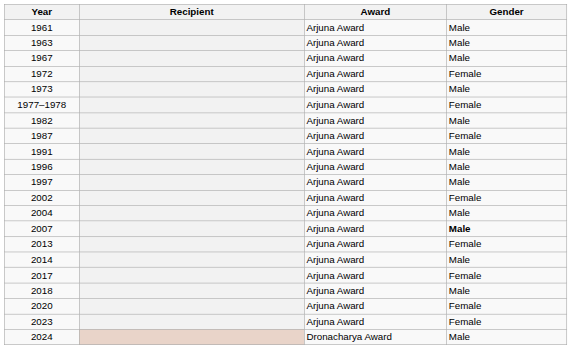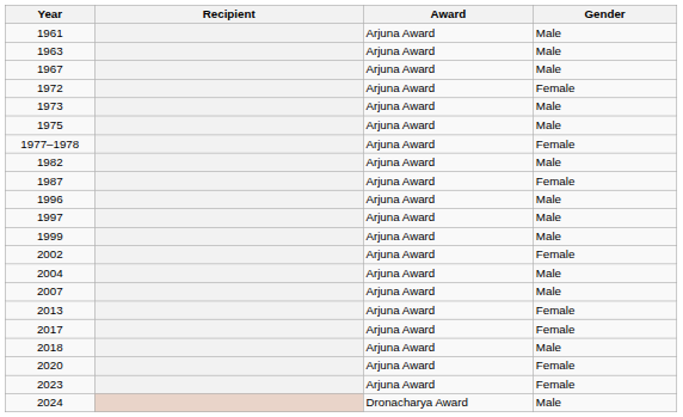 <table class="wikitable plainrowheaders sortable" style="width:73%">
 <tr>
 <th scope="col" style="width:10%">Year</th>
 <th scope="col" style="width:30%">Recipient</th>
 <th scope="col" style="width:19%">Award</th>
 <th scope="col" style="width:16%">Gender</th>
 </tr>
 <tr>
 <td style="text-align:center;">1961</td>
 <th scope="row"></th>
 <td>Arjuna Award</td>
 <td>Male</td>
 </tr>
 <tr>
 <td style="text-align:center;">1963</td>
 <th scope="row"></th>
 <td>Arjuna Award</td>
 <td>Male</td>
 </tr>
 <tr>
 <td style="text-align:center;">1967</td>
 <th scope="row"></th>
 <td>Arjuna Award</td>
 <td>Male</td>
 </tr>
 <tr>
 <td style="text-align:center;">1972</td>
 <th scope="row"></th>
 <td>Arjuna Award</td>
 <td>Female</td>
 </tr>
 <tr>
 <td style="text-align:center;">1973</td>
 <th scope="row"></th>
 <td>Arjuna Award</td>
 <td>Male</td>
 </tr>
 <tr>
+<td style="text-align:center;">1975</td>
+<th scope="row"></th>
+<td>Arjuna Award</td>
+<td>Male</td>
+</tr>
+<tr>
 <td style="text-align:center;">1977–1978</td>
 <th scope="row"></th>
 <td>Arjuna Award</td>
 <td>Female</td>
 </tr>
 <tr>
 <td style="text-align:center;">1982</td>
 <th scope="row"></th>
 <td>Arjuna Award</td>
 <td>Male</td>
 </tr>
 <tr>
 <td style="text-align:center;">1987</td>
 <th scope="row"></th>
 <td>Arjuna Award</td>
 <td>Female</td>
 </tr>
 <tr>
-<td style="text-align:center;">1991</td>
-<th scope="row"></th>
-<td>Arjuna Award</td>
-<td>Male</td>
-</tr>
-<tr>
 <td style="text-align:center;">1996</td>
 <th scope="row"></th>
 <td>Arjuna Award</td>
 <td>Male</td>
 </tr>
 <tr>
 <td style="text-align:center;">1997</td>
+<th scope="row"></th>
+<td>Arjuna Award</td>
+<td>Male</td>
+</tr>
+<tr>
+<td style="text-align:center;">1999</td>
 <th scope="row"></th>
 <td>Arjuna Award</td>
 <td>Male</td>
 </tr>
 <tr>
 <td style="text-align:center;">2002</td>
 <th scope="row"></th>
 <td>Arjuna Award</td>
 <td>Female</td>
 </tr>
 <tr>
 <td style="text-align:center;">2004</td>
 <th scope="row"></th>
 <td>Arjuna Award</td>
 <td>Male</td>
 </tr>
 <tr>
 <td style="text-align:center;">2007</td>
 <th scope="row"></th>
 <td>Arjuna Award</td>
-<td><strong>Male</strong></td>
+<td>Male</td>
 </tr>
 <tr>
 <td style="text-align:center;">2013</td>
 <th scope="row"></th>
 <td>Arjuna Award</td>
 <td>Female</td>
-</tr>
-<tr>
-<td style="text-align:center;">2014</td>
-<th scope="row"></th>
-<td>Arjuna Award</td>
-<td>Male</td>
 </tr>
 <tr>
 <td style="text-align:center;">2017</td>
 <th scope="row"></th>
 <td>Arjuna Award</td>
 <td>Female</td>
 </tr>
 <tr>
 <td style="text-align:center;">2018</td>
 <th scope="row"></th>
 <td>Arjuna Award</td>
 <td>Male</td>
 </tr>
 <tr>
 <td style="text-align:center;">2020</td>
 <th scope="row"></th>
 <td>Arjuna Award</td>
 <td>Female</td>
 </tr>
 <tr>
 <td style="text-align:center;">2023</td>
 <th scope="row"></th>
 <td>Arjuna Award</td>
 <td>Female</td>
 </tr>
 <tr>
 <td style="text-align:center;">2024</td>
 <th scope="row" style="background-color:#E9D4C9"> </th>
 <td>Dronacharya Award</td>
 <td>Male</td>
 </tr>
 </table>
